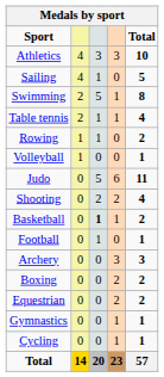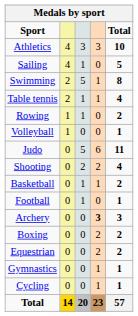 <table class="wikitable" style="font-size:85%; float:right;">
 <tr style="background:#efefef;">
 <th colspan=7><strong>Medals by sport</strong></th>
 </tr>
 <tr align=center>
 <td><strong>Sport</strong></td>
 <td bgcolor=#f7f6a8></td>
 <td bgcolor=#dce5e5></td>
 <td bgcolor=#ffdab9></td>
 <td><strong>Total</strong></td>
 </tr>
 <tr align=center>
 <td><a href='#'>Athletics</a></td>
 <td style="background:#F7F6A8;">4</td>
 <td style="background:#DCE5E5;">3</td>
 <td style="background:#FFDAB9;">3</td>
 <td><strong>10</strong></td>
 </tr>
 <tr align=center>
 <td><a href='#'>Sailing</a></td>
 <td style="background:#F7F6A8;">4</td>
 <td style="background:#DCE5E5;">1</td>
 <td style="background:#FFDAB9;">0</td>
 <td><strong>5</strong></td>
 </tr>
 <tr align=center>
 <td><a href='#'>Swimming</a></td>
 <td style="background:#F7F6A8;">2</td>
 <td style="background:#DCE5E5;">5</td>
 <td style="background:#FFDAB9;">1</td>
 <td><strong>8</strong></td>
 </tr>
 <tr align=center>
 <td><a href='#'>Table tennis</a></td>
 <td style="background:#F7F6A8;">2</td>
 <td style="background:#DCE5E5;">1</td>
 <td style="background:#FFDAB9;">1</td>
 <td><strong>4</strong></td>
 </tr>
 <tr align=center>
 <td><a href='#'>Rowing</a></td>
 <td style="background:#F7F6A8;">1</td>
 <td style="background:#DCE5E5;">1</td>
 <td style="background:#FFDAB9;">0</td>
 <td><strong>2</strong></td>
 </tr>
 <tr align=center>
 <td><a href='#'>Volleyball</a></td>
 <td style="background:#F7F6A8;">1</td>
 <td style="background:#DCE5E5;">0</td>
 <td style="background:#FFDAB9;">0</td>
 <td><strong>1</strong></td>
 </tr>
 <tr align=center>
 <td><a href='#'>Judo</a></td>
 <td style="background:#F7F6A8;">0</td>
 <td style="background:#DCE5E5;">5</td>
 <td style="background:#FFDAB9;">6</td>
 <td><strong>11</strong></td>
 </tr>
 <tr align=center>
 <td><a href='#'>Shooting</a></td>
 <td style="background:#F7F6A8;">0</td>
 <td style="background:#DCE5E5;">2</td>
 <td style="background:#FFDAB9;">2</td>
 <td><strong>4</strong></td>
 </tr>
 <tr align=center>
 <td><a href='#'>Basketball</a></td>
 <td style="background:#F7F6A8;">0</td>
-<td style="background:#DCE5E5;"><strong>1</strong></td>
+<td style="background:#DCE5E5;">1</td>
 <td style="background:#FFDAB9;">1</td>
 <td><strong>2</strong></td>
 </tr>
 <tr align=center>
 <td><a href='#'>Football</a></td>
 <td style="background:#F7F6A8;">0</td>
 <td style="background:#DCE5E5;">1</td>
 <td style="background:#FFDAB9;">0</td>
 <td><strong>1</strong></td>
 </tr>
 <tr align=center>
 <td><a href='#'>Archery</a></td>
 <td style="background:#F7F6A8;">0</td>
 <td style="background:#DCE5E5;">0</td>
-<td style="background:#FFDAB9;">3</td>
+<td style="background:#FFDAB9;"><strong>3</strong></td>
 <td><strong>3</strong></td>
 </tr>
 <tr align=center>
 <td><a href='#'>Boxing</a></td>
 <td style="background:#F7F6A8;">0</td>
 <td style="background:#DCE5E5;">0</td>
 <td style="background:#FFDAB9;">2</td>
 <td><strong>2</strong></td>
 </tr>
 <tr align=center>
 <td><a href='#'>Equestrian</a></td>
 <td style="background:#F7F6A8;">0</td>
 <td style="background:#DCE5E5;">0</td>
 <td style="background:#FFDAB9;">2</td>
 <td><strong>2</strong></td>
 </tr>
 <tr align=center>
 <td><a href='#'>Gymnastics</a></td>
 <td style="background:#F7F6A8;">0</td>
 <td style="background:#DCE5E5;">0</td>
 <td style="background:#FFDAB9;">1</td>
 <td><strong>1</strong></td>
 </tr>
 <tr align=center>
 <td><a href='#'>Cycling</a></td>
 <td style="background:#F7F6A8;">0</td>
 <td style="background:#DCE5E5;">0</td>
 <td style="background:#FFDAB9;">1</td>
 <td><strong>1</strong></td>
 </tr>
 <tr align=center>
 <td><strong>Total</strong></td>
 <th style="background:gold;"><strong>14</strong></th>
 <th style="background:silver;"><strong>20</strong></th>
 <th style="background:#c96;"><strong>23</strong></th>
 <th><strong>57</strong></th>
 </tr>
 </table>
